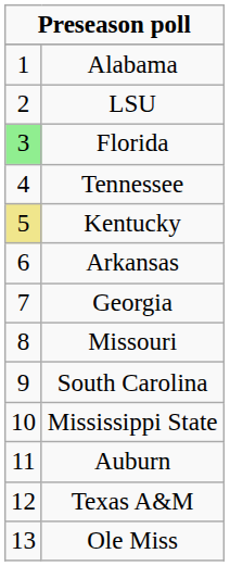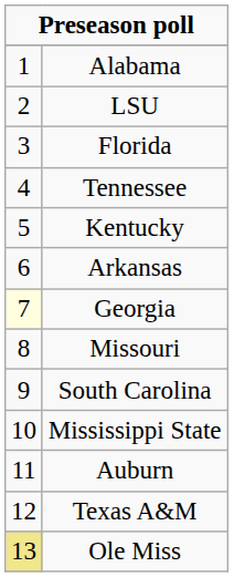 <table class="wikitable">
 <tr align="center">
 <td align="center" Colspan="3"><strong>Preseason poll</strong></td>
 </tr>
 <tr align="center">
 </tr>
 <tr align="center">
 <td>1</td>
 <td>Alabama</td>
 </tr>
 <tr align="center">
 <td>2</td>
 <td>LSU</td>
 </tr>
 <tr align="center">
-<td style="background: lightgreen;">3</td>
+<td>3</td>
 <td>Florida</td>
 </tr>
 <tr align="center">
 <td>4</td>
 <td>Tennessee</td>
 </tr>
 <tr align="center">
-<td style="background: khaki;">5</td>
+<td>5</td>
 <td>Kentucky</td>
 </tr>
 <tr align="center">
 <td>6</td>
 <td>Arkansas</td>
 </tr>
 <tr align="center">
-<td>7</td>
+<td style="background: lightyellow;">7</td>
 <td>Georgia</td>
 </tr>
 <tr align="center">
 <td>8</td>
 <td>Missouri</td>
 </tr>
 <tr align="center">
 <td>9</td>
 <td>South Carolina</td>
 </tr>
 <tr align="center">
 <td>10</td>
 <td>Mississippi State</td>
 </tr>
 <tr align="center">
 <td>11</td>
 <td>Auburn</td>
 </tr>
 <tr align="center">
 <td>12</td>
 <td>Texas A&M</td>
 </tr>
 <tr align="center">
-<td>13</td>
+<td style="background: khaki;">13</td>
 <td>Ole Miss</td>
 </tr>
 </table>
